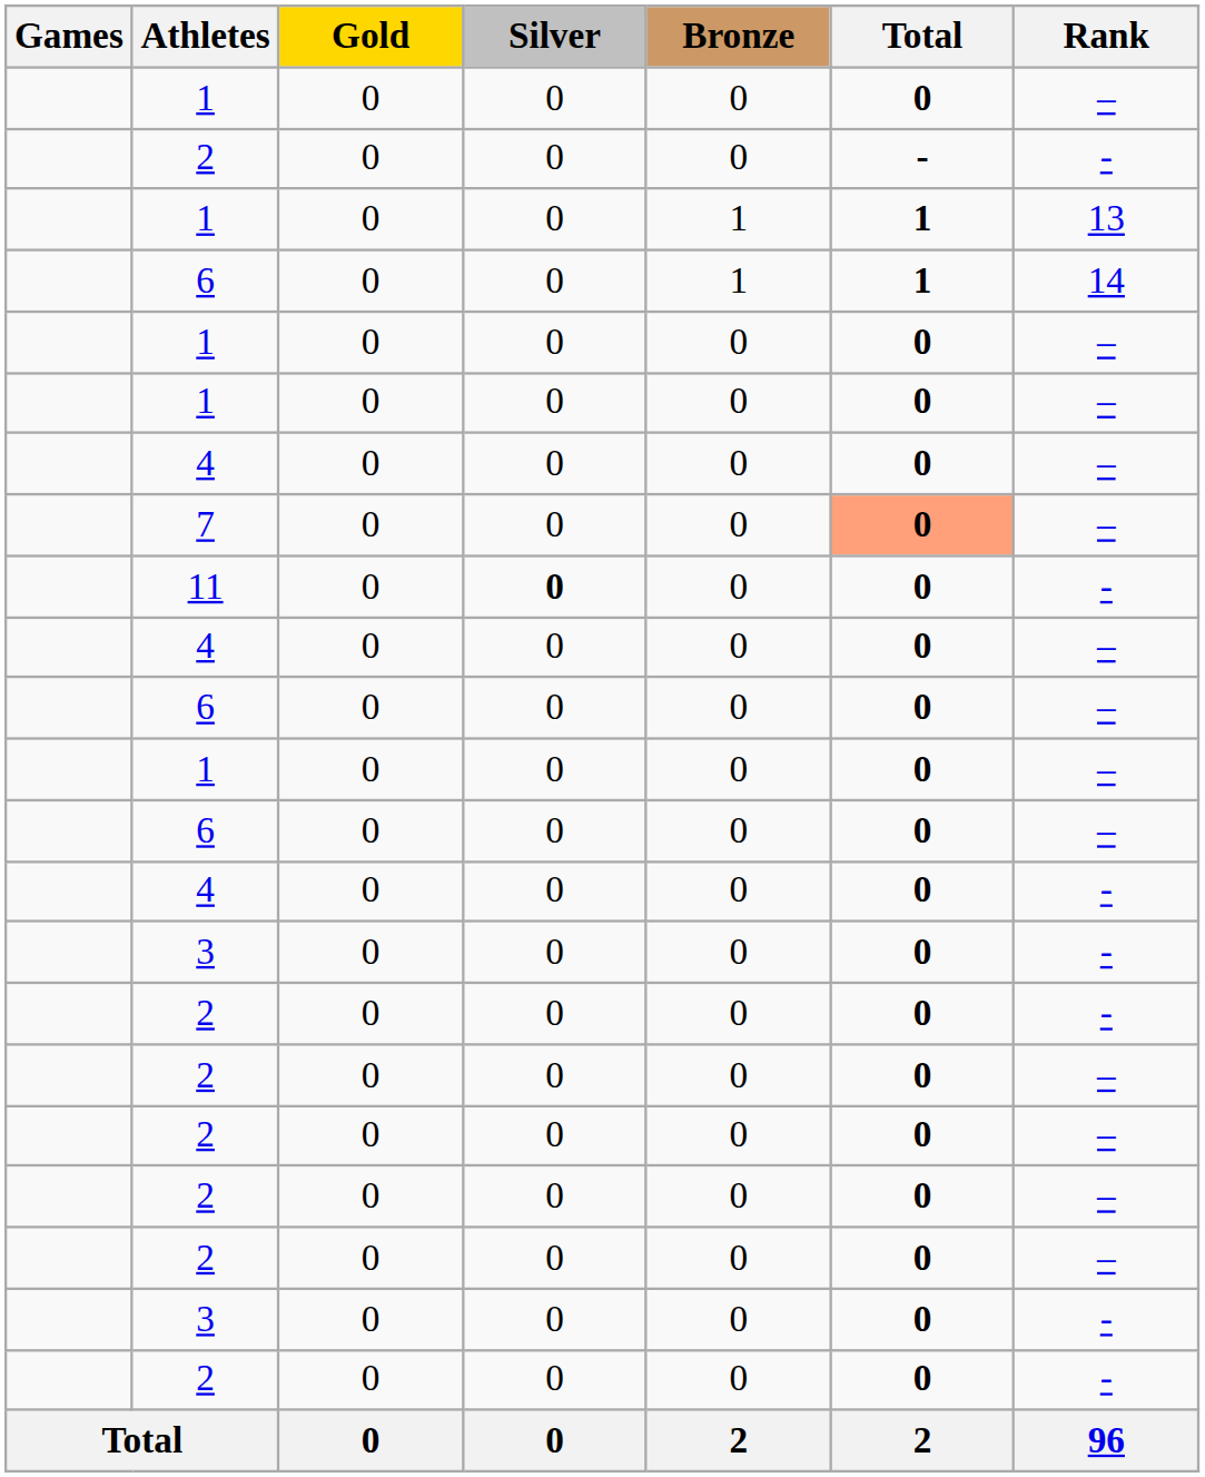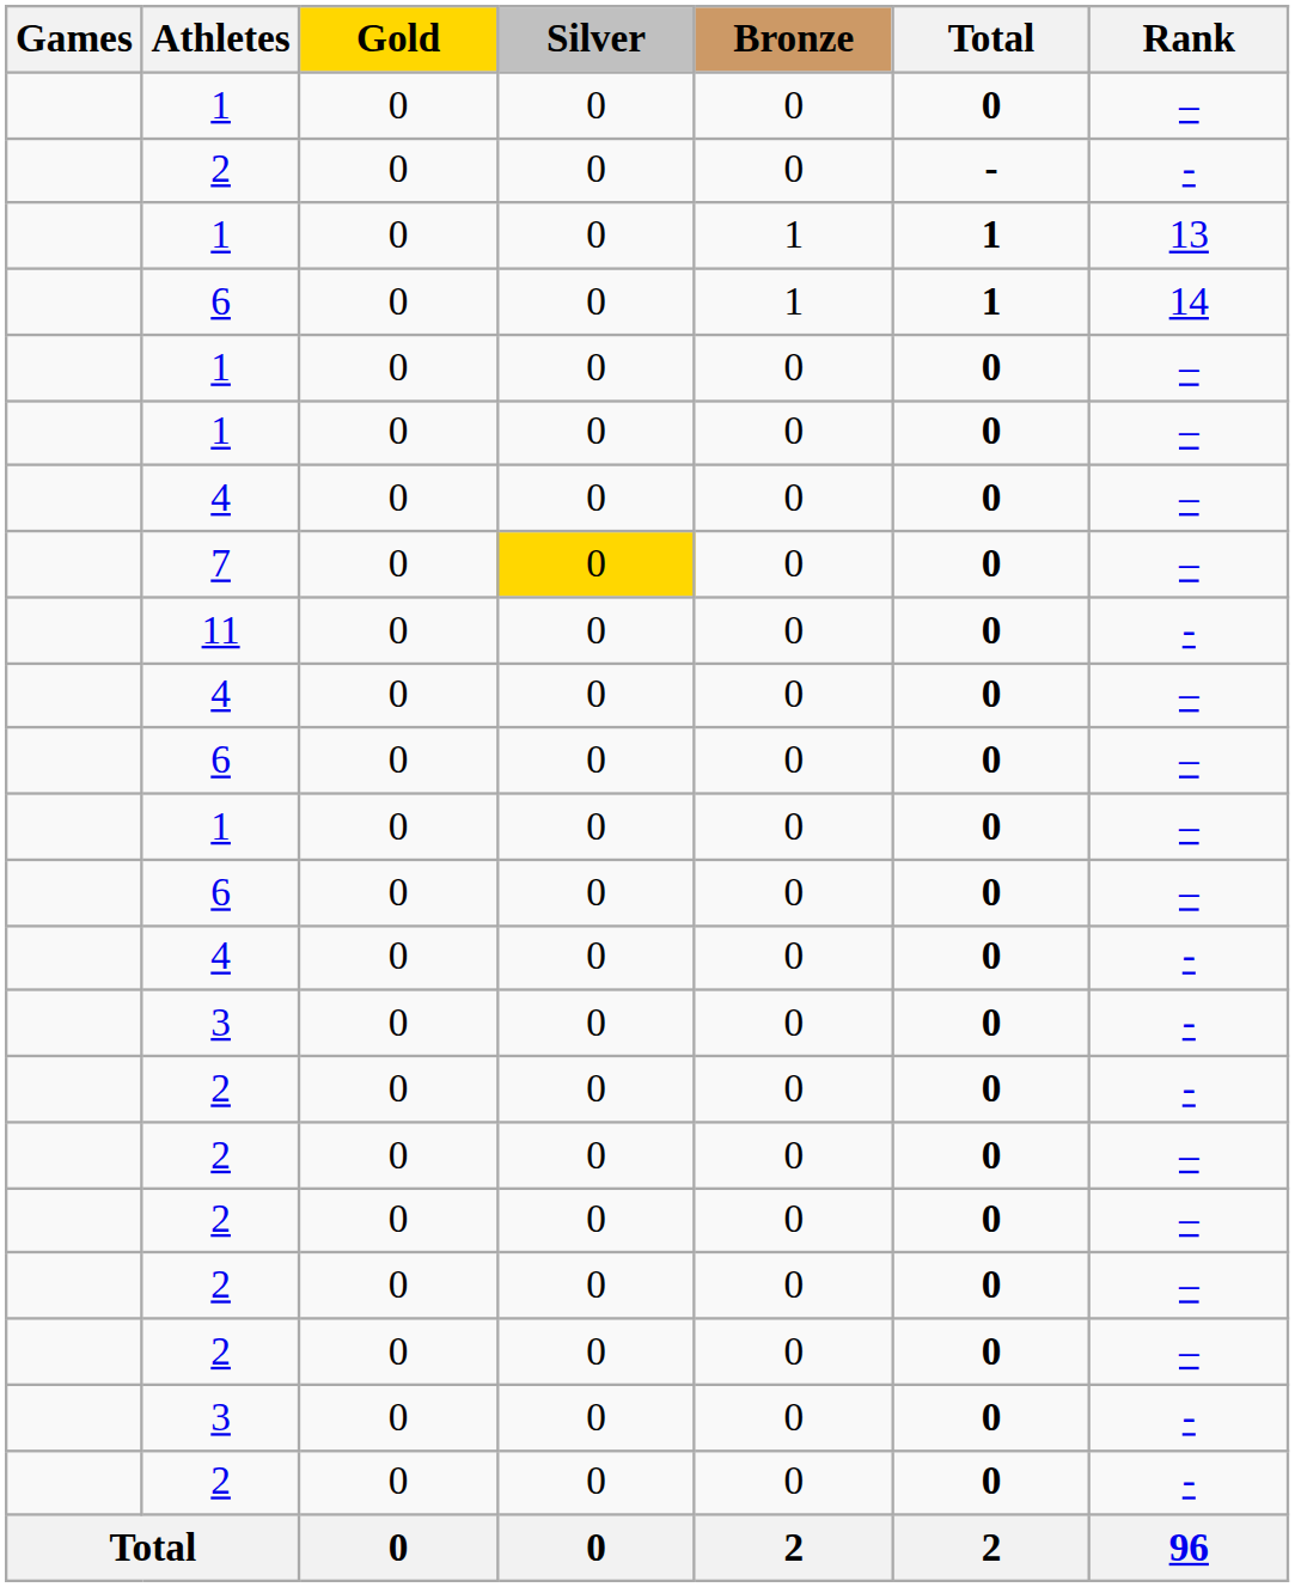 <table class="wikitable" style="text-align:center; font-size:90%;">
 <tr>
 <th>Games</th>
 <th>Athletes</th>
 <td style="background:gold; width:4.5em; font-weight:bold;">Gold</td>
 <td style="background:silver; width:4.5em; font-weight:bold;">Silver</td>
 <td style="background:#cc9966; width:4.5em; font-weight:bold;">Bronze</td>
 <th style="width:4.5em; font-weight:bold;">Total</th>
 <th style="width:4.5em; font-weight:bold;">Rank</th>
 </tr>
 <tr>
 <td align=left></td>
 <td><a href='#'>1</a></td>
 <td>0</td>
 <td>0</td>
 <td>0</td>
 <td><strong>0</strong></td>
 <td><a href='#'>–</a></td>
 </tr>
 <tr>
 <td align=left></td>
 <td><a href='#'>2</a></td>
 <td>0</td>
 <td>0</td>
 <td>0</td>
 <td><strong>-</strong></td>
 <td><a href='#'>-</a></td>
 </tr>
 <tr>
 <td align=left></td>
 <td><a href='#'>1</a></td>
 <td>0</td>
 <td>0</td>
 <td>1</td>
 <td><strong>1</strong></td>
 <td><a href='#'>13</a></td>
 </tr>
 <tr>
 <td align=left></td>
 <td><a href='#'>6</a></td>
 <td>0</td>
 <td>0</td>
 <td>1</td>
 <td><strong>1</strong></td>
 <td><a href='#'>14</a></td>
 </tr>
 <tr>
 <td align=left></td>
 <td><a href='#'>1</a></td>
 <td>0</td>
 <td>0</td>
 <td>0</td>
 <td><strong>0</strong></td>
 <td><a href='#'>–</a></td>
 </tr>
 <tr>
 <td align=left></td>
 <td><a href='#'>1</a></td>
 <td>0</td>
 <td>0</td>
 <td>0</td>
 <td><strong>0</strong></td>
 <td><a href='#'>–</a></td>
 </tr>
 <tr>
 <td align=left></td>
 <td><a href='#'>4</a></td>
 <td>0</td>
 <td>0</td>
 <td>0</td>
 <td><strong>0</strong></td>
 <td><a href='#'>–</a></td>
 </tr>
 <tr>
 <td align=left></td>
 <td><a href='#'>7</a></td>
 <td>0</td>
+<td style="background: gold;">0</td>
 <td>0</td>
-<td>0</td>
-<td style="background: lightsalmon;"><strong>0</strong></td>
+<td><strong>0</strong></td>
 <td><a href='#'>–</a></td>
 </tr>
 <tr>
 <td align=left></td>
 <td><a href='#'>11</a></td>
 <td>0</td>
-<td><strong>0</strong></td>
+<td>0</td>
 <td>0</td>
 <td><strong>0</strong></td>
 <td><a href='#'>-</a></td>
 </tr>
 <tr>
 <td align=left></td>
 <td><a href='#'>4</a></td>
 <td>0</td>
 <td>0</td>
 <td>0</td>
 <td><strong>0</strong></td>
 <td><a href='#'>–</a></td>
 </tr>
 <tr>
 <td align=left></td>
 <td><a href='#'>6</a></td>
 <td>0</td>
 <td>0</td>
 <td>0</td>
 <td><strong>0</strong></td>
 <td><a href='#'>–</a></td>
 </tr>
 <tr>
 <td align=left></td>
 <td><a href='#'>1</a></td>
 <td>0</td>
 <td>0</td>
 <td>0</td>
 <td><strong>0</strong></td>
 <td><a href='#'>–</a></td>
 </tr>
 <tr>
 <td align=left></td>
 <td><a href='#'>6</a></td>
 <td>0</td>
 <td>0</td>
 <td>0</td>
 <td><strong>0</strong></td>
 <td><a href='#'>–</a></td>
 </tr>
 <tr>
 <td align=left></td>
 <td><a href='#'>4</a></td>
 <td>0</td>
 <td>0</td>
 <td>0</td>
 <td><strong>0</strong></td>
 <td><a href='#'>-</a></td>
 </tr>
 <tr>
 <td align=left></td>
 <td><a href='#'>3</a></td>
 <td>0</td>
 <td>0</td>
 <td>0</td>
 <td><strong>0</strong></td>
 <td><a href='#'>-</a></td>
 </tr>
 <tr>
 <td align=left></td>
 <td><a href='#'>2</a></td>
 <td>0</td>
 <td>0</td>
 <td>0</td>
 <td><strong>0</strong></td>
 <td><a href='#'>-</a></td>
 </tr>
 <tr>
 <td align=left></td>
 <td><a href='#'>2</a></td>
 <td>0</td>
 <td>0</td>
 <td>0</td>
 <td><strong>0</strong></td>
 <td><a href='#'>–</a></td>
 </tr>
 <tr>
 <td align=left></td>
 <td><a href='#'>2</a></td>
 <td>0</td>
 <td>0</td>
 <td>0</td>
 <td><strong>0</strong></td>
 <td><a href='#'>–</a></td>
 </tr>
 <tr>
 <td align=left></td>
 <td><a href='#'>2</a></td>
 <td>0</td>
 <td>0</td>
 <td>0</td>
 <td><strong>0</strong></td>
 <td><a href='#'>–</a></td>
 </tr>
 <tr>
 <td align=left></td>
 <td><a href='#'>2</a></td>
 <td>0</td>
 <td>0</td>
 <td>0</td>
 <td><strong>0</strong></td>
 <td><a href='#'>–</a></td>
 </tr>
 <tr>
 <td align=left></td>
 <td><a href='#'>3</a></td>
 <td>0</td>
 <td>0</td>
 <td>0</td>
 <td><strong>0</strong></td>
 <td><a href='#'>-</a></td>
 </tr>
 <tr>
 <td align=left></td>
 <td><a href='#'>2</a></td>
 <td>0</td>
 <td>0</td>
 <td>0</td>
 <td><strong>0</strong></td>
 <td><a href='#'>-</a></td>
 </tr>
 <tr>
 <th colspan=2>Total</th>
 <th>0</th>
 <th>0</th>
 <th>2</th>
 <th>2</th>
 <th><a href='#'>96</a></th>
 </tr>
 </table>
